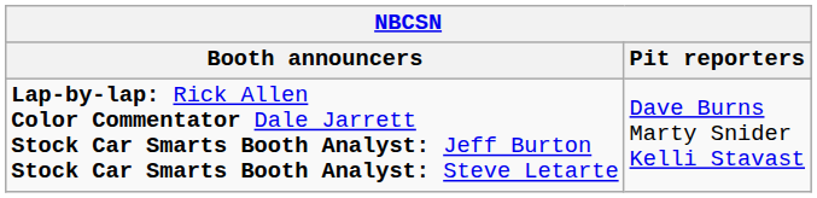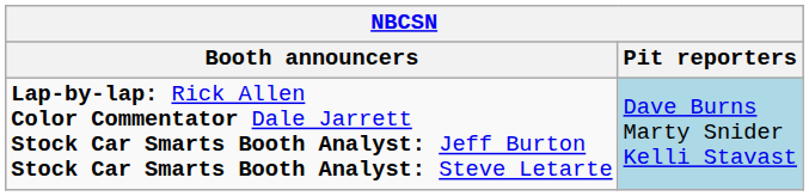 <table class="wikitable" style="font-size: 95%">
 <tr>
 <th colspan="2"><a href='#'>NBCSN</a></th>
 </tr>
 <tr>
 <th>Booth announcers</th>
 <th>Pit reporters</th>
 </tr>
 <tr>
 <td><strong>Lap-by-lap:</strong> <a href='#'>Rick Allen</a><br> <strong>Color Commentator</strong> <a href='#'>Dale Jarrett</a><br><strong>Stock Car Smarts Booth Analyst:</strong> <a href='#'>Jeff Burton</a><br><strong>Stock Car Smarts Booth Analyst:</strong> <a href='#'>Steve Letarte</a></td>
-<td><a href='#'>Dave Burns</a><br>Marty Snider<br><a href='#'>Kelli Stavast</a></td>
+<td style="background: lightblue;"><a href='#'>Dave Burns</a><br>Marty Snider<br><a href='#'>Kelli Stavast</a></td>
 </tr>
 </table>
